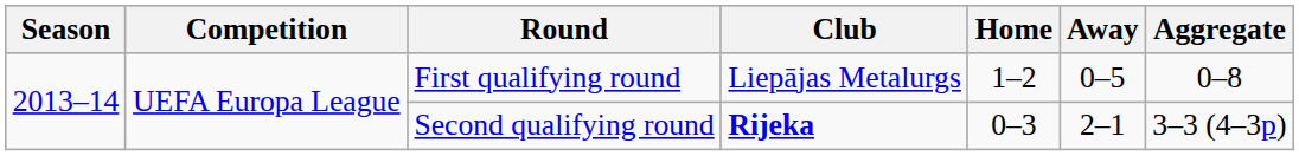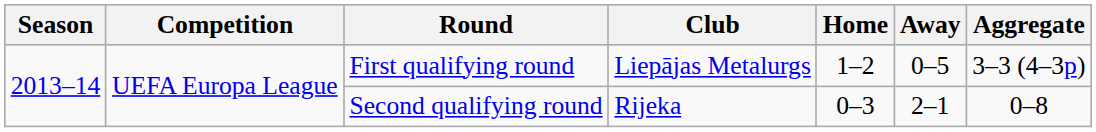 <table class="wikitable">
 <tr>
 <th>Season</th>
 <th>Competition</th>
 <th>Round</th>
 <th>Club</th>
 <th>Home</th>
 <th>Away</th>
 <th>Aggregate</th>
 </tr>
 <tr>
 <td rowspan="2"><a href='#'>2013–14</a></td>
 <td rowspan="2"><a href='#'>UEFA Europa League</a></td>
 <td><a href='#'>First qualifying round</a></td>
 <td> <a href='#'>Liepājas Metalurgs</a></td>
 <td style="text-align:center">1–2</td>
 <td style="text-align:center">0–5</td>
-<td style="text-align:center">0–8</td>
+<td style="text-align:center">3–3 (4–3<a href='#'>p</a>)</td>
 </tr>
 <tr>
 <td><a href='#'>Second qualifying round</a></td>
-<td><strong> <a href='#'>Rijeka</a></strong></td>
+<td> <a href='#'>Rijeka</a></td>
 <td style="text-align:center">0–3</td>
 <td style="text-align:center">2–1</td>
-<td style="text-align:center">3–3 (4–3<a href='#'>p</a>)</td>
+<td style="text-align:center">0–8</td>
 </tr>
 </table>
